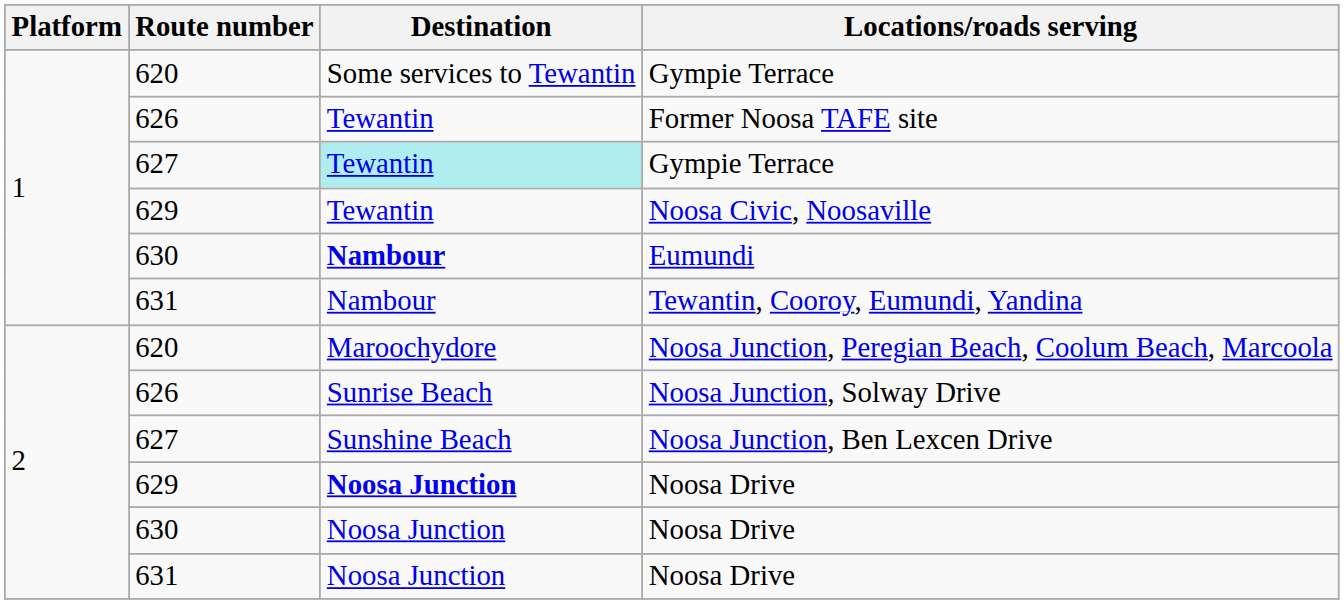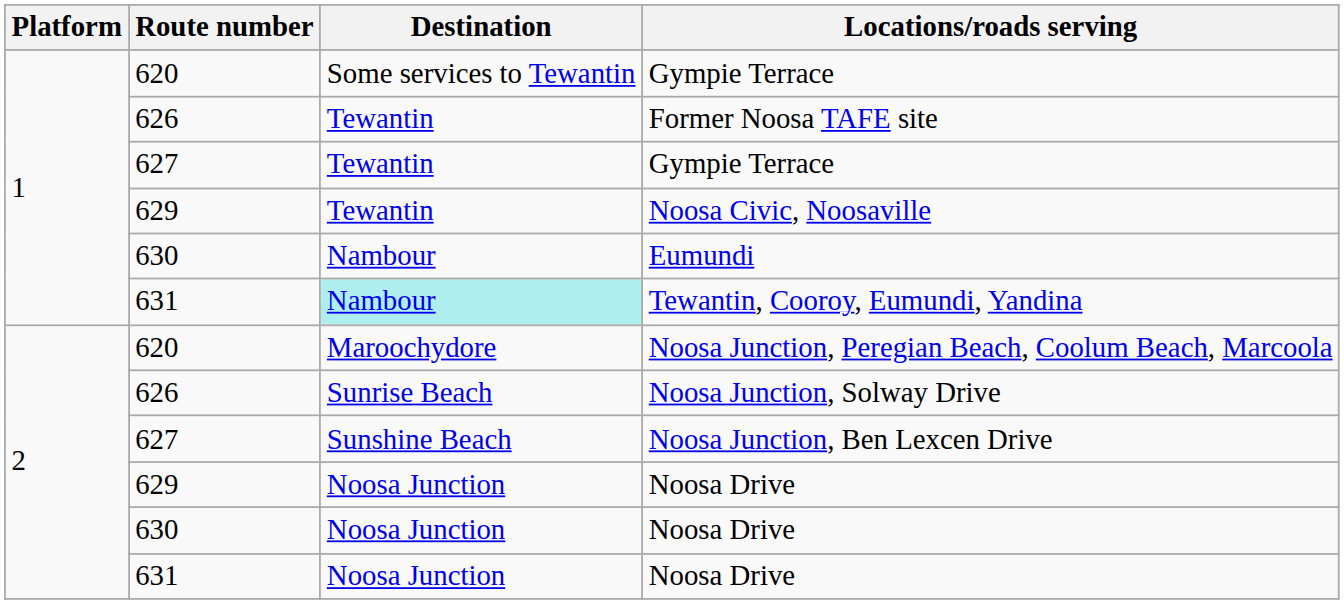 <table class="wikitable">
 <tr>
 <th>Platform</th>
 <th>Route number</th>
 <th>Destination</th>
 <th>Locations/roads serving</th>
 </tr>
 <tr>
 <td rowspan="6">1</td>
 <td>620</td>
 <td>Some services to <a href='#'>Tewantin</a></td>
 <td>Gympie Terrace</td>
 </tr>
 <tr>
 <td>626</td>
 <td><a href='#'>Tewantin</a></td>
 <td>Former Noosa <a href='#'>TAFE</a> site</td>
 </tr>
 <tr>
 <td>627</td>
-<td style="background: paleturquoise;"><a href='#'>Tewantin</a></td>
+<td><a href='#'>Tewantin</a></td>
 <td>Gympie Terrace</td>
 </tr>
 <tr>
 <td>629</td>
 <td><a href='#'>Tewantin</a></td>
 <td><a href='#'>Noosa Civic</a>, <a href='#'>Noosaville</a></td>
 </tr>
 <tr>
 <td>630</td>
-<td><strong><a href='#'>Nambour</a></strong></td>
+<td><a href='#'>Nambour</a></td>
 <td><a href='#'>Eumundi</a></td>
 </tr>
 <tr>
 <td>631</td>
-<td><a href='#'>Nambour</a></td>
+<td style="background: paleturquoise;"><a href='#'>Nambour</a></td>
 <td><a href='#'>Tewantin</a>, <a href='#'>Cooroy</a>, <a href='#'>Eumundi</a>, <a href='#'>Yandina</a></td>
 </tr>
 <tr>
 <td rowspan="6">2</td>
 <td>620</td>
 <td><a href='#'>Maroochydore</a></td>
 <td><a href='#'>Noosa Junction</a>, <a href='#'>Peregian Beach</a>, <a href='#'>Coolum Beach</a>, <a href='#'>Marcoola</a></td>
 </tr>
 <tr>
 <td>626</td>
 <td><a href='#'>Sunrise Beach</a></td>
 <td><a href='#'>Noosa Junction</a>, Solway Drive</td>
 </tr>
 <tr>
 <td>627</td>
 <td><a href='#'>Sunshine Beach</a></td>
 <td><a href='#'>Noosa Junction</a>, Ben Lexcen Drive</td>
 </tr>
 <tr>
 <td>629</td>
-<td><strong><a href='#'>Noosa Junction</a></strong></td>
+<td><a href='#'>Noosa Junction</a></td>
 <td>Noosa Drive</td>
 </tr>
 <tr>
 <td>630</td>
 <td><a href='#'>Noosa Junction</a></td>
 <td>Noosa Drive</td>
 </tr>
 <tr>
 <td>631</td>
 <td><a href='#'>Noosa Junction</a></td>
 <td>Noosa Drive</td>
 </tr>
 </table>
